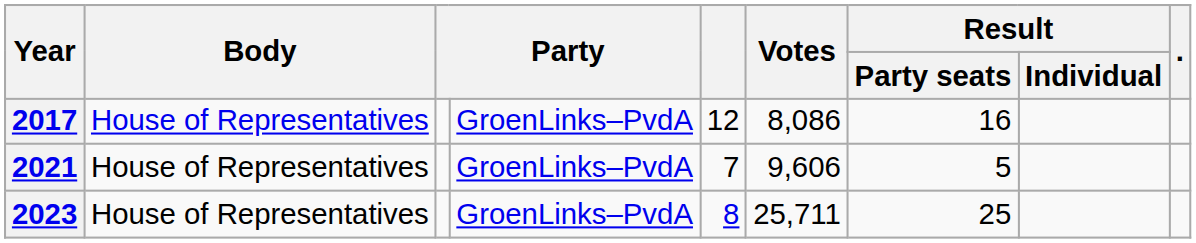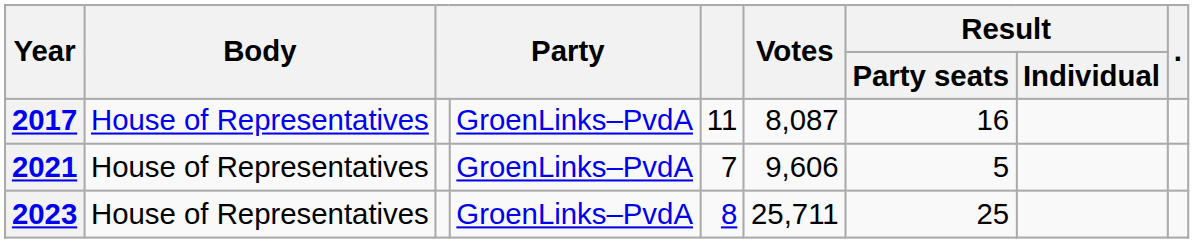 <table class="wikitable plainrowheaders sortable" border=2 cellpadding=4 cellspacing=0 style="border: 1px #aaa solid; font-size: 90%; text-align:center;">
 <tr>
 <th scope="col" rowspan=2>Year</th>
 <th scope="col" rowspan=2>Body</th>
 <th scope="col" colspan=2 rowspan=2>Party</th>
 <th scope="col" rowspan=2></th>
 <th scope="col" rowspan=2>Votes</th>
 <th scope="colgroup" colspan=2>Result</th>
 <th scope="col" rowspan=2 class="unsortable">.</th>
 </tr>
 <tr>
 <th scope="col">Party seats</th>
 <th scope="col">Individual</th>
 </tr>
 <tr>
 <th scope="row"><a href='#'>2017</a></th>
 <td><a href='#'>House of Representatives</a></td>
 <td style="background-color:"></td>
 <td><a href='#'>GroenLinks–PvdA</a></td>
-<td style=text-align:right>12</td>
-<td style=text-align:right>8,086</td>
+<td style=text-align:right>11</td>
+<td style=text-align:right>8,087</td>
 <td style=text-align:right>16</td>
 <td></td>
 <td></td>
 </tr>
 <tr>
 <th scope="row"><a href='#'>2021</a></th>
 <td>House of Representatives</td>
 <td style="background-color:"></td>
 <td><a href='#'>GroenLinks–PvdA</a></td>
 <td style=text-align:right>7</td>
 <td style=text-align:right>9,606</td>
 <td style=text-align:right>5</td>
 <td></td>
 <td></td>
 </tr>
 <tr>
 <th scope="row"><a href='#'>2023</a></th>
 <td>House of Representatives</td>
 <td style="background-color:"></td>
 <td><a href='#'>GroenLinks–PvdA</a></td>
 <td style=text-align:right><a href='#'>8</a></td>
 <td style=text-align:right>25,711</td>
 <td style=text-align:right>25</td>
 <td></td>
 <td></td>
 </tr>
 </table>
